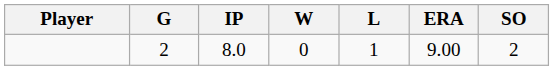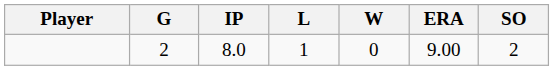 <table class="wikitable sortable">
 <tr>
 <th bgcolor="#DDDDFF" width="16%">Player</th>
 <th bgcolor="#DDDDFF" width="9%">G</th>
 <th bgcolor="#DDDDFF" width="9%">IP</th>
+<th bgcolor="#DDDDFF" width="9%">L</th>
 <th bgcolor="#DDDDFF" width="9%">W</th>
-<th bgcolor="#DDDDFF" width="9%">L</th>
 <th bgcolor="#DDDDFF" width="9%">ERA</th>
 <th bgcolor="#DDDDFF" width="9%">SO</th>
 </tr>
 <tr align="center">
 <td></td>
 <td>2</td>
 <td>8.0</td>
+<td>1</td>
 <td>0</td>
-<td>1</td>
 <td>9.00</td>
 <td>2</td>
 </tr>
 </table>
